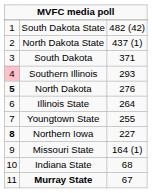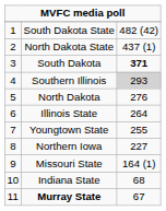 <table class="wikitable" style="display: inline-table;">
 <tr>
 <td align="center" Colspan="3"><strong>MVFC media poll</strong></td>
 </tr>
 <tr align="center">
 </tr>
 <tr align="center">
 <td>1</td>
 <td>South Dakota State</td>
 <td>482 (42)</td>
 </tr>
 <tr align="center">
 <td>2</td>
 <td>North Dakota State</td>
 <td>437 (1)</td>
 </tr>
 <tr align="center">
 <td>3</td>
 <td>South Dakota</td>
-<td>371</td>
+<td><strong>371</strong></td>
 </tr>
 <tr align="center">
-<td style="background: pink;">4</td>
+<td>4</td>
 <td>Southern Illinois</td>
-<td>293</td>
+<td style="background: lightgrey;">293</td>
 </tr>
 <tr align="center">
-<td><strong>5</strong></td>
+<td>5</td>
 <td>North Dakota</td>
 <td>276</td>
 </tr>
 <tr align="center">
 <td>6</td>
 <td>Illinois State</td>
 <td>264</td>
 </tr>
 <tr align="center">
 <td>7</td>
 <td>Youngtown State</td>
 <td>255</td>
 </tr>
 <tr align="center">
-<td><strong>8</strong></td>
+<td>8</td>
 <td>Northern Iowa</td>
 <td>227</td>
 </tr>
 <tr align="center">
 <td>9</td>
 <td>Missouri State</td>
 <td>164 (1)</td>
 </tr>
 <tr align="center">
 <td>10</td>
 <td>Indiana State</td>
 <td>68</td>
 </tr>
 <tr align="center">
 <td>11</td>
 <td><strong>Murray State</strong></td>
 <td>67</td>
 </tr>
 </table>
